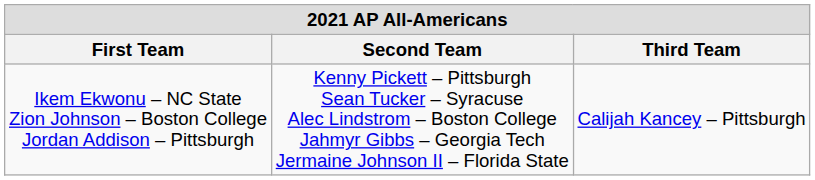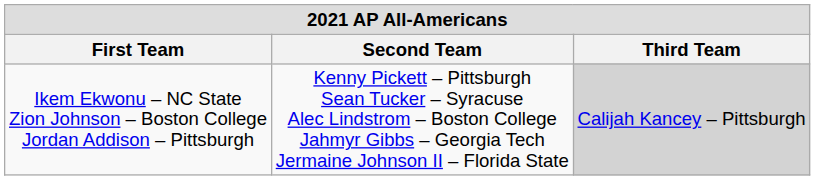 <table class="wikitable" style="white-space:nowrap; text-align:center; font-size:90%;">
 <tr>
 <td colspan="7" style="text-align:center; background:#ddd;"><strong>2021 AP All-Americans</strong></td>
 </tr>
 <tr>
 <th>First Team</th>
 <th>Second Team</th>
 <th>Third Team</th>
 </tr>
 <tr>
 <td><a href='#'>Ikem Ekwonu</a> – NC State<br><a href='#'>Zion Johnson</a> – Boston College<br><a href='#'>Jordan Addison</a> – Pittsburgh</td>
 <td><a href='#'>Kenny Pickett</a> – Pittsburgh<br><a href='#'>Sean Tucker</a> – Syracuse<br><a href='#'>Alec Lindstrom</a> – Boston College<br><a href='#'>Jahmyr Gibbs</a> – Georgia Tech<br><a href='#'>Jermaine Johnson II</a> – Florida State</td>
-<td><a href='#'>Calijah Kancey</a> – Pittsburgh</td>
+<td style="background: lightgrey;"><a href='#'>Calijah Kancey</a> – Pittsburgh</td>
 </tr>
 </table>
